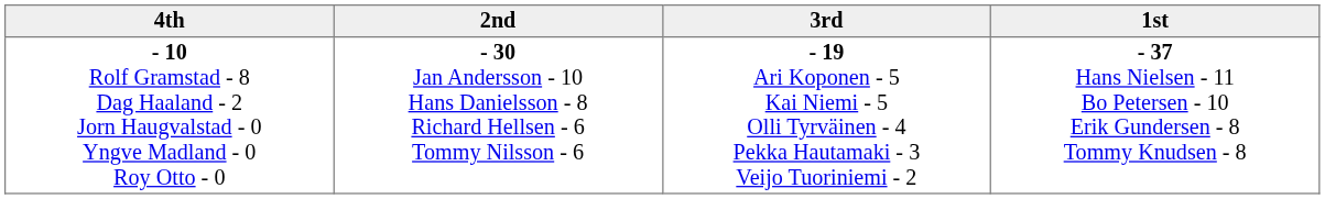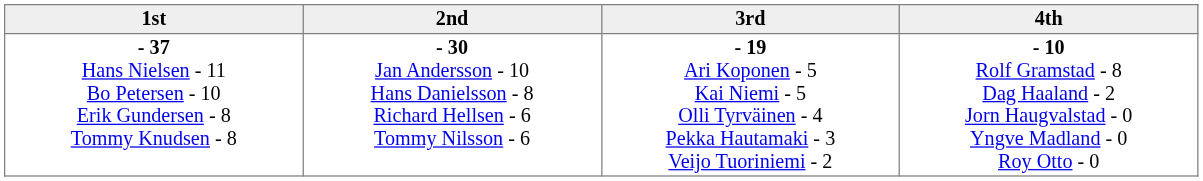 <table border=1 cellpadding=2 cellspacing=0 width=75% style="border-collapse:collapse">
 <tr align=center style="background:#efefef;">
-<th width=20%>4th</th>
+<th width=20% >1st</th>
 <th width=20% >2nd</th>
 <th width=20% >3rd</th>
-<th width=20% >1st</th>
+<th width=20%>4th</th>
 </tr>
 <tr align=center>
-<td valign=top><strong> - 10</strong><br><a href='#'>Rolf Gramstad</a> - 8<br><a href='#'>Dag Haaland</a> - 2<br><a href='#'>Jorn Haugvalstad</a> - 0<br><a href='#'>Yngve Madland</a>  - 0<br><a href='#'>Roy Otto</a> - 0</td>
+<td valign=top ><strong> - 37</strong><br><a href='#'>Hans Nielsen</a> - 11<br><a href='#'>Bo Petersen</a> - 10<br><a href='#'>Erik Gundersen</a> - 8<br><a href='#'>Tommy Knudsen</a> - 8</td>
 <td valign=top ><strong> - 30</strong><br><a href='#'>Jan Andersson</a> - 10<br><a href='#'>Hans Danielsson</a> - 8<br><a href='#'>Richard Hellsen</a> - 6<br><a href='#'>Tommy Nilsson</a> - 6</td>
 <td valign=top ><strong> - 19</strong><br><a href='#'>Ari Koponen</a> - 5<br><a href='#'>Kai Niemi</a> - 5<br><a href='#'>Olli Tyrväinen</a> - 4<br><a href='#'>Pekka Hautamaki</a> - 3<br><a href='#'>Veijo Tuoriniemi</a> - 2</td>
-<td valign=top ><strong> - 37</strong><br><a href='#'>Hans Nielsen</a> - 11<br><a href='#'>Bo Petersen</a> - 10<br><a href='#'>Erik Gundersen</a> - 8<br><a href='#'>Tommy Knudsen</a> - 8</td>
+<td valign=top><strong> - 10</strong><br><a href='#'>Rolf Gramstad</a> - 8<br><a href='#'>Dag Haaland</a> - 2<br><a href='#'>Jorn Haugvalstad</a> - 0<br><a href='#'>Yngve Madland</a>  - 0<br><a href='#'>Roy Otto</a> - 0</td>
 </tr>
 </table>
